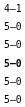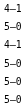 <table style="font-size:90%">
 <tr>
 <th width="150"></th>
 <th width="100"></th>
 <th width="150"></th>
+</tr>
+<tr>
+<td align="right"><strong></strong></td>
+<td align="center">4–1</td>
+<td></td>
+</tr>
+<tr>
+<td></td>
+<td></td>
+<td></td>
+</tr>
+<tr>
+<td align="right"><strong></strong></td>
+<td align="center">5–0</td>
+<td></td>
+</tr>
+<tr>
+<td></td>
+<td></td>
+<td></td>
 </tr>
 <tr>
 <td align="right"><strong></strong></td>
 <td align="center">4–1</td>
 <td></td>
 </tr>
 <tr>
 <td></td>
 <td></td>
 <td></td>
 </tr>
 <tr>
 <td align="right"><strong></strong></td>
 <td align="center">5–0</td>
 <td></td>
 </tr>
 <tr>
 <td></td>
 <td></td>
 <td></td>
 </tr>
 <tr>
 <td align="right"><strong></strong></td>
 <td align="center">5–0</td>
 <td></td>
 </tr>
 <tr>
 <td></td>
 <td></td>
 <td></td>
 </tr>
 <tr>
 <td align="right"><strong></strong></td>
-<td align="center"><strong>5–0</strong></td>
-<td></td>
-</tr>
-<tr>
-<td></td>
-<td></td>
-<td></td>
-</tr>
-<tr>
-<td align="right"><strong></strong></td>
-<td align="center">5–0</td>
-<td></td>
-</tr>
-<tr>
-<td></td>
-<td></td>
-<td></td>
-</tr>
-<tr>
-<td align="right"><strong></strong></td>
 <td align="center">5–0</td>
 <td></td>
 </tr>
 <tr>
 <td></td>
 <td></td>
 <td></td>
 </tr>
 </table>
